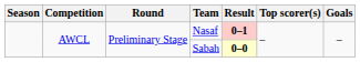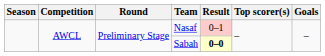 <table class="wikitable">
 <tr>
 <th>Season</th>
 <th>Competition</th>
 <th>Round</th>
 <th>Team</th>
 <th>Result</th>
 <th>Top scorer(s)</th>
 <th>Goals</th>
 </tr>
 <tr>
 <td style="text-align:center;" rowspan="2"></td>
 <td style="text-align:center;" rowspan="2"><a href='#'>AWCL</a></td>
 <td style="text-align:center;" rowspan="2"><a href='#'>Preliminary Stage</a></td>
 <td> <a href='#'>Nasaf</a></td>
-<td style="text-align:center;" bgcolor=#FCC><strong>0–1</strong></td>
+<td style="text-align:center;" bgcolor=#FCC>0–1</td>
 <td rowspan="2">–</td>
 <td style="text-align:center;" rowspan="2">–</td>
 </tr>
 <tr>
 <td> <a href='#'>Sabah</a></td>
 <td style="text-align:center;" bgcolor=#FFFFCC><strong>0–0</strong></td>
 </tr>
 </table>
